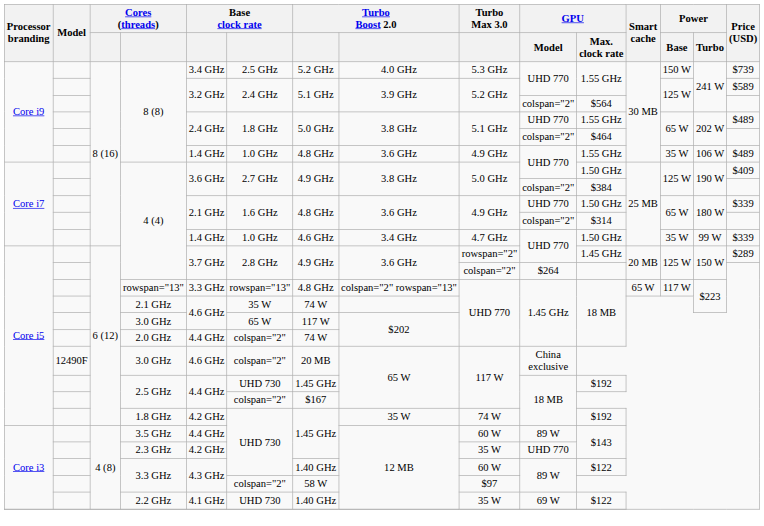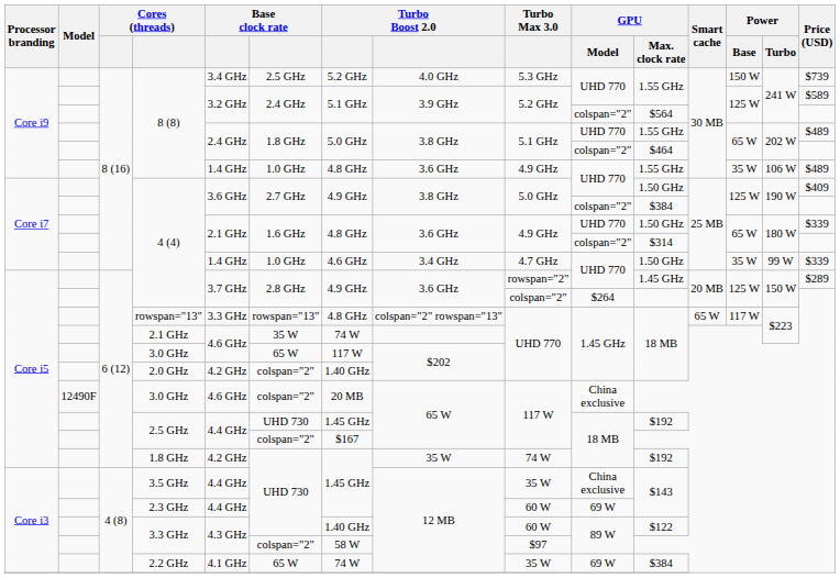 <table class="wikitable sortable" style="text-align:center;">
 <tr>
 <th rowspan="2">Processor <br>branding</th>
 <th rowspan="2">Model</th>
 <th colspan="2"><a href='#'>Cores</a> <br>(<a href='#'>threads</a>)</th>
 <th colspan="2">Base <br><a href='#'>clock rate</a></th>
 <th colspan="2"><a href='#'>Turbo<br>Boost</a> 2.0</th>
 <th>Turbo <br>Max 3.0</th>
 <th colspan="2"><a href='#'>GPU</a></th>
 <th rowspan="2">Smart <br>cache</th>
 <th colspan="2">Power</th>
 <th rowspan="2">Price <br>(USD)</th>
 </tr>
 <tr>
 <th></th>
 <th></th>
 <th></th>
 <th></th>
 <th></th>
 <th></th>
 <th></th>
 <th>Model</th>
 <th>Max. <br>clock rate</th>
 <th>Base</th>
 <th>Turbo</th>
 </tr>
 <tr>
 <td rowspan="6"><a href='#'>Core i9</a></td>
 <td></td>
 <td rowspan="11">8 (16)</td>
 <td rowspan="6">8 (8)</td>
 <td>3.4 GHz</td>
 <td>2.5 GHz</td>
 <td>5.2 GHz</td>
 <td>4.0 GHz</td>
 <td>5.3 GHz</td>
 <td rowspan="2">UHD 770</td>
 <td rowspan="2">1.55 GHz</td>
 <td rowspan="6">30 MB</td>
 <td>150 W</td>
 <td rowspan="3">241 W</td>
 <td>$739</td>
 </tr>
 <tr>
 <td></td>
 <td rowspan="2">3.2 GHz</td>
 <td rowspan="2">2.4 GHz</td>
 <td rowspan="2">5.1 GHz</td>
 <td rowspan="2">3.9 GHz</td>
 <td rowspan="2">5.2 GHz</td>
 <td rowspan="2">125 W</td>
 <td>$589</td>
 </tr>
 <tr>
 <td></td>
 <td>colspan="2" </td>
 <td>$564</td>
 </tr>
 <tr>
 <td></td>
 <td rowspan="2">2.4 GHz</td>
 <td rowspan="2">1.8 GHz</td>
 <td rowspan="2">5.0 GHz</td>
 <td rowspan="2">3.8 GHz</td>
 <td rowspan="2">5.1 GHz</td>
 <td>UHD 770</td>
 <td>1.55 GHz</td>
 <td rowspan="2">65 W</td>
 <td rowspan="2">202 W</td>
 <td>$489</td>
 </tr>
 <tr>
 <td></td>
 <td>colspan="2" </td>
 <td>$464</td>
 </tr>
 <tr>
 <td></td>
 <td>1.4 GHz</td>
 <td>1.0 GHz</td>
 <td>4.8 GHz</td>
 <td>3.6 GHz</td>
 <td>4.9 GHz</td>
 <td rowspan="2">UHD 770</td>
 <td>1.55 GHz</td>
 <td>35 W</td>
 <td>106 W</td>
 <td>$489</td>
 </tr>
 <tr>
 <td rowspan="5"><a href='#'>Core i7</a></td>
 <td></td>
 <td rowspan="7">4 (4)</td>
 <td rowspan="2">3.6 GHz</td>
 <td rowspan="2">2.7 GHz</td>
 <td rowspan="2">4.9 GHz</td>
 <td rowspan="2">3.8 GHz</td>
 <td rowspan="2">5.0 GHz</td>
 <td>1.50 GHz</td>
 <td rowspan="5">25 MB</td>
 <td rowspan="2">125 W</td>
 <td rowspan="2">190 W</td>
 <td>$409</td>
 </tr>
 <tr>
 <td></td>
 <td>colspan="2" </td>
 <td>$384</td>
 </tr>
 <tr>
 <td></td>
 <td rowspan="2">2.1 GHz</td>
 <td rowspan="2">1.6 GHz</td>
 <td rowspan="2">4.8 GHz</td>
 <td rowspan="2">3.6 GHz</td>
 <td rowspan="2">4.9 GHz</td>
 <td>UHD 770</td>
 <td>1.50 GHz</td>
 <td rowspan="2">65 W</td>
 <td rowspan="2">180 W</td>
 <td>$339</td>
 </tr>
 <tr>
 <td></td>
 <td>colspan="2" </td>
 <td>$314</td>
 </tr>
 <tr>
 <td></td>
 <td>1.4 GHz</td>
 <td>1.0 GHz</td>
 <td>4.6 GHz</td>
 <td>3.4 GHz</td>
 <td>4.7 GHz</td>
 <td rowspan="2">UHD 770</td>
 <td>1.50 GHz</td>
 <td>35 W</td>
 <td>99 W</td>
 <td>$339</td>
 </tr>
 <tr>
 <td rowspan="10"><a href='#'>Core i5</a></td>
 <td></td>
 <td rowspan="10">6 (12)</td>
 <td rowspan="2">3.7 GHz</td>
 <td rowspan="2">2.8 GHz</td>
 <td rowspan="2">4.9 GHz</td>
 <td rowspan="2">3.6 GHz</td>
 <td>rowspan="2" </td>
 <td>1.45 GHz</td>
 <td rowspan="2">20 MB</td>
 <td rowspan="2">125 W</td>
 <td rowspan="2">150 W</td>
 <td>$289</td>
 </tr>
 <tr>
 <td></td>
 <td>colspan="2" </td>
 <td>$264</td>
 </tr>
 <tr>
 <td></td>
 <td>rowspan="13" </td>
 <td>3.3 GHz</td>
 <td>rowspan="13" </td>
 <td>4.8 GHz</td>
 <td>colspan="2" rowspan="13" </td>
 <td rowspan="4">UHD 770</td>
 <td rowspan="4">1.45 GHz</td>
 <td rowspan="4">18 MB</td>
 <td>65 W</td>
 <td>117 W</td>
 <td rowspan="2">$223</td>
 </tr>
 <tr>
 <td></td>
 <td>2.1 GHz</td>
 <td rowspan="2">4.6 GHz</td>
 <td>35 W</td>
 <td>74 W</td>
 </tr>
 <tr>
 <td></td>
 <td>3.0 GHz</td>
 <td>65 W</td>
 <td>117 W</td>
 <td rowspan="2">$202</td>
 </tr>
 <tr>
 <td></td>
 <td>2.0 GHz</td>
-<td>4.4 GHz</td>
+<td>4.2 GHz</td>
 <td>colspan="2" </td>
-<td>74 W</td>
+<td>1.40 GHz</td>
 </tr>
 <tr>
 <td>12490F</td>
 <td>3.0 GHz</td>
 <td>4.6 GHz</td>
 <td>colspan="2" </td>
 <td>20 MB</td>
 <td rowspan="3">65 W</td>
 <td rowspan="3">117 W</td>
 <td>China<br>exclusive</td>
 </tr>
 <tr>
 <td></td>
 <td rowspan="2">2.5 GHz</td>
 <td rowspan="2">4.4 GHz</td>
 <td>UHD 730</td>
 <td>1.45 GHz</td>
 <td rowspan="3">18 MB</td>
 <td>$192</td>
 </tr>
 <tr>
 <td></td>
 <td>colspan="2" </td>
 <td>$167</td>
 </tr>
 <tr>
 <td></td>
 <td>1.8 GHz</td>
 <td>4.2 GHz</td>
 <td rowspan="4">UHD 730</td>
 <td rowspan="3">1.45 GHz</td>
 <td>35 W</td>
 <td>74 W</td>
 <td>$192</td>
 </tr>
 <tr>
 <td rowspan="5"><a href='#'>Core i3</a></td>
 <td></td>
 <td rowspan="5">4 (8)</td>
 <td>3.5 GHz</td>
 <td>4.4 GHz</td>
 <td rowspan="5">12 MB</td>
-<td>60 W</td>
-<td>89 W</td>
+<td>35 W</td>
+<td>China<br>exclusive</td>
 <td rowspan="2">$143</td>
 </tr>
 <tr>
 <td></td>
 <td>2.3 GHz</td>
-<td>4.2 GHz</td>
-<td>35 W</td>
-<td>UHD 770</td>
+<td>4.4 GHz</td>
+<td>60 W</td>
+<td>69 W</td>
 </tr>
 <tr>
 <td></td>
 <td rowspan="2">3.3 GHz</td>
 <td rowspan="2">4.3 GHz</td>
 <td>1.40 GHz</td>
 <td>60 W</td>
 <td rowspan="2">89 W</td>
 <td>$122</td>
 </tr>
 <tr>
 <td></td>
 <td>colspan="2" </td>
 <td>58 W</td>
 <td>$97</td>
 </tr>
 <tr>
 <td></td>
 <td>2.2 GHz</td>
 <td>4.1 GHz</td>
-<td>UHD 730</td>
-<td>1.40 GHz</td>
+<td>65 W</td>
+<td>74 W</td>
 <td>35 W</td>
 <td>69 W</td>
-<td>$122</td>
+<td>$384</td>
 </tr>
 <tr>
 </tr>
 </table>
